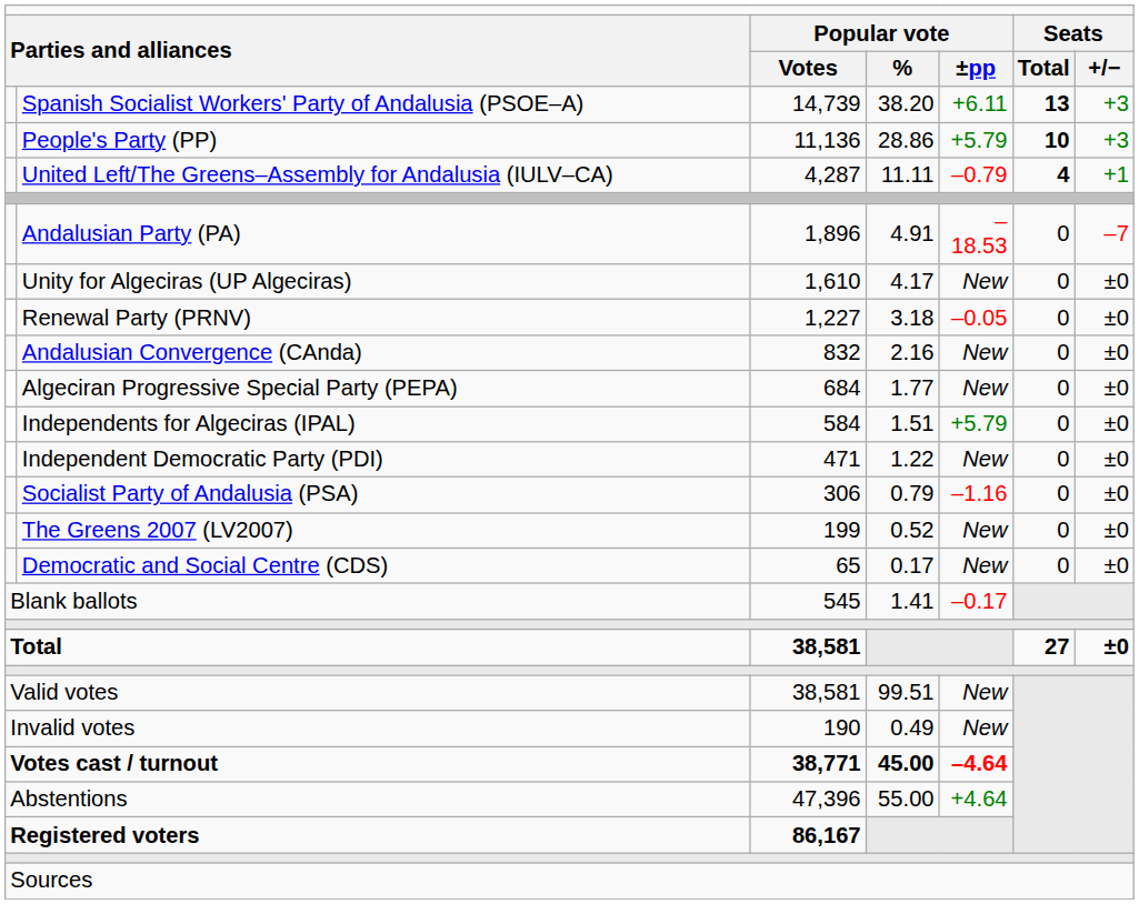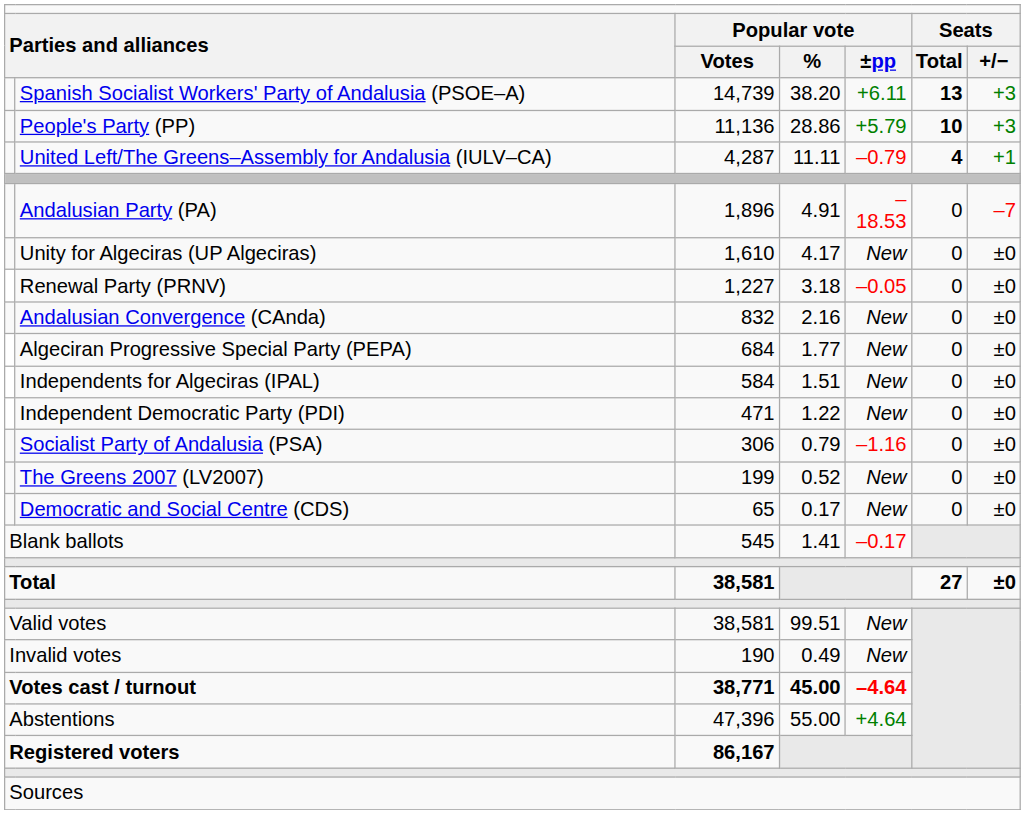 <table class="wikitable" style="text-align:right;">
 <tr>
 <td colspan="7"></td>
 </tr>
 <tr>
 <th style="text-align:left;" rowspan="2" colspan="2" width="525">Parties and alliances</th>
 <th colspan="3">Popular vote</th>
 <th colspan="2">Seats</th>
 </tr>
 <tr>
 <th width="75">Votes</th>
 <th width="45">%</th>
 <th width="45">±<a href='#'>pp</a></th>
 <th width="35">Total</th>
 <th width="35">+/−</th>
 </tr>
 <tr>
 <td width="1" style="color:inherit;background:"></td>
 <td align="left"><a href='#'>Spanish Socialist Workers' Party of Andalusia</a> (PSOE–A)</td>
 <td>14,739</td>
 <td>38.20</td>
 <td style="color:green;">+6.11</td>
 <td><strong>13</strong></td>
 <td style="color:green;">+3</td>
 </tr>
 <tr>
 <td style="color:inherit;background:"></td>
 <td align="left"><a href='#'>People's Party</a> (PP)</td>
 <td>11,136</td>
 <td>28.86</td>
 <td style="color:green;">+5.79</td>
 <td><strong>10</strong></td>
 <td style="color:green;">+3</td>
 </tr>
 <tr>
 <td style="color:inherit;background:"></td>
 <td align="left"><a href='#'>United Left/The Greens–Assembly for Andalusia</a> (IULV–CA)</td>
 <td>4,287</td>
 <td>11.11</td>
 <td style="color:red;">–0.79</td>
 <td><strong>4</strong></td>
 <td style="color:green;">+1</td>
 </tr>
 <tr>
 <td colspan="7" bgcolor="#C0C0C0"></td>
 </tr>
 <tr>
 <td style="color:inherit;background:"></td>
 <td align="left"><a href='#'>Andalusian Party</a> (PA)</td>
 <td>1,896</td>
 <td>4.91</td>
 <td style="color:red;">–18.53</td>
 <td>0</td>
 <td style="color:red;">–7</td>
 </tr>
 <tr>
 <td style="color:inherit;background:"></td>
 <td align="left">Unity for Algeciras (UP Algeciras)</td>
 <td>1,610</td>
 <td>4.17</td>
 <td><em>New</em></td>
 <td>0</td>
 <td>±0</td>
 </tr>
 <tr>
 <td bgcolor="white"></td>
 <td align="left">Renewal Party (PRNV)</td>
 <td>1,227</td>
 <td>3.18</td>
 <td style="color:red;">–0.05</td>
 <td>0</td>
 <td>±0</td>
 </tr>
 <tr>
 <td style="color:inherit;background:"></td>
 <td align="left"><a href='#'>Andalusian Convergence</a> (CAnda)</td>
 <td>832</td>
 <td>2.16</td>
 <td><em>New</em></td>
 <td>0</td>
 <td>±0</td>
 </tr>
 <tr>
 <td bgcolor="white"></td>
 <td align="left">Algeciran Progressive Special Party (PEPA)</td>
 <td>684</td>
 <td>1.77</td>
 <td><em>New</em></td>
 <td>0</td>
 <td>±0</td>
 </tr>
 <tr>
 <td bgcolor="white"></td>
 <td align="left">Independents for Algeciras (IPAL)</td>
 <td>584</td>
 <td>1.51</td>
-<td style="color:green;">+5.79</td>
+<td><em>New</em></td>
 <td>0</td>
 <td>±0</td>
 </tr>
 <tr>
 <td bgcolor="white"></td>
 <td align="left">Independent Democratic Party (PDI)</td>
 <td>471</td>
 <td>1.22</td>
 <td><em>New</em></td>
 <td>0</td>
 <td>±0</td>
 </tr>
 <tr>
 <td style="color:inherit;background:"></td>
 <td align="left"><a href='#'>Socialist Party of Andalusia</a> (PSA)</td>
 <td>306</td>
 <td>0.79</td>
 <td style="color:red;">–1.16</td>
 <td>0</td>
 <td>±0</td>
 </tr>
 <tr>
 <td style="color:inherit;background:"></td>
 <td align="left"><a href='#'>The Greens 2007</a> (LV2007)</td>
 <td>199</td>
 <td>0.52</td>
 <td><em>New</em></td>
 <td>0</td>
 <td>±0</td>
 </tr>
 <tr>
 <td style="color:inherit;background:"></td>
 <td align="left"><a href='#'>Democratic and Social Centre</a> (CDS)</td>
 <td>65</td>
 <td>0.17</td>
 <td><em>New</em></td>
 <td>0</td>
 <td>±0</td>
 </tr>
 <tr>
 <td align="left" colspan="2">Blank ballots</td>
 <td>545</td>
 <td>1.41</td>
 <td style="color:red;">–0.17</td>
 <td bgcolor="#E9E9E9" colspan="2"></td>
 </tr>
 <tr>
 <td colspan="7" bgcolor="#E9E9E9"></td>
 </tr>
 <tr style="font-weight:bold;">
 <td align="left" colspan="2">Total</td>
 <td>38,581</td>
 <td bgcolor="#E9E9E9" colspan="2"></td>
 <td>27</td>
 <td>±0</td>
 </tr>
 <tr>
 <td colspan="7" bgcolor="#E9E9E9"></td>
 </tr>
 <tr>
 <td align="left" colspan="2">Valid votes</td>
 <td>38,581</td>
 <td>99.51</td>
 <td><em>New</em></td>
 <td bgcolor="#E9E9E9" colspan="2" rowspan="5"></td>
 </tr>
 <tr>
 <td align="left" colspan="2">Invalid votes</td>
 <td>190</td>
 <td>0.49</td>
 <td><em>New</em></td>
 </tr>
 <tr style="font-weight:bold;">
 <td align="left" colspan="2">Votes cast / turnout</td>
 <td>38,771</td>
 <td>45.00</td>
 <td style="color:red;">–4.64</td>
 </tr>
 <tr>
 <td align="left" colspan="2">Abstentions</td>
 <td>47,396</td>
 <td>55.00</td>
 <td style="color:green;">+4.64</td>
 </tr>
 <tr style="font-weight:bold;">
 <td align="left" colspan="2">Registered voters</td>
 <td>86,167</td>
 <td bgcolor="#E9E9E9" colspan="2"></td>
 </tr>
 <tr>
 <td colspan="7" bgcolor="#E9E9E9"></td>
 </tr>
 <tr>
 <td align="left" colspan="7">Sources</td>
 </tr>
 </table>
